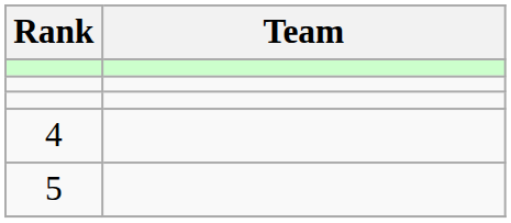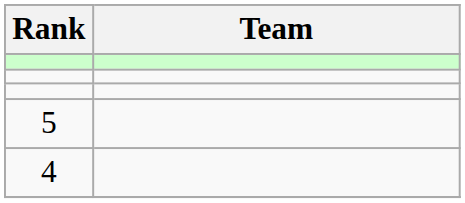 <table class=wikitable style="text-align:center;">
 <tr>
 <th>Rank</th>
 <th width=180>Team</th>
 </tr>
 <tr bgcolor=#CCFFCC>
 <td></td>
 <td align=left></td>
 </tr>
 <tr>
 <td></td>
 <td align=left></td>
 </tr>
 <tr>
 <td></td>
 <td align=left></td>
 </tr>
 <tr>
-<td>4</td>
+<td>5</td>
 <td align=left></td>
 </tr>
 <tr>
-<td>5</td>
+<td>4</td>
 <td align=left></td>
 </tr>
 <tr>
 </tr>
 </table>
